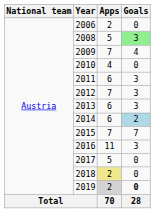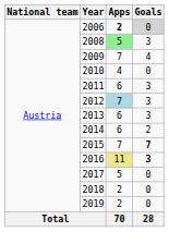 <table class="wikitable" style="text-align:center">
 <tr>
 <th>National team</th>
 <th>Year</th>
 <th>Apps</th>
 <th>Goals</th>
 </tr>
 <tr>
 <td rowspan="13"><a href='#'>Austria</a></td>
 <td>2006</td>
-<td>2</td>
-<td>0</td>
+<td><strong>2</strong></td>
+<td style="background: lightgrey;">0</td>
 </tr>
 <tr>
 <td>2008</td>
-<td>5</td>
-<td style="background: lightgreen;">3</td>
+<td style="background: lightgreen;">5</td>
+<td>3</td>
 </tr>
 <tr>
 <td>2009</td>
 <td>7</td>
 <td>4</td>
 </tr>
 <tr>
 <td>2010</td>
 <td>4</td>
 <td>0</td>
 </tr>
 <tr>
 <td>2011</td>
 <td>6</td>
 <td>3</td>
 </tr>
 <tr>
 <td>2012</td>
-<td>7</td>
+<td style="background: lightblue;">7</td>
 <td>3</td>
 </tr>
 <tr>
 <td>2013</td>
 <td>6</td>
 <td>3</td>
 </tr>
 <tr>
 <td>2014</td>
 <td>6</td>
-<td style="background: lightblue;">2</td>
+<td>2</td>
 </tr>
 <tr>
 <td>2015</td>
 <td>7</td>
-<td>7</td>
+<td><strong>7</strong></td>
 </tr>
 <tr>
 <td>2016</td>
-<td>11</td>
-<td>3</td>
+<td style="background: khaki;">11</td>
+<td><strong>3</strong></td>
 </tr>
 <tr>
 <td>2017</td>
 <td>5</td>
 <td>0</td>
 </tr>
 <tr>
 <td>2018</td>
-<td style="background: khaki;">2</td>
+<td>2</td>
 <td>0</td>
 </tr>
 <tr>
 <td>2019</td>
-<td style="background: lightgrey;">2</td>
-<td><strong>0</strong></td>
+<td>2</td>
+<td>0</td>
 </tr>
 <tr>
 <th colspan="2">Total</th>
 <th>70</th>
 <th>28</th>
 </tr>
 </table>
